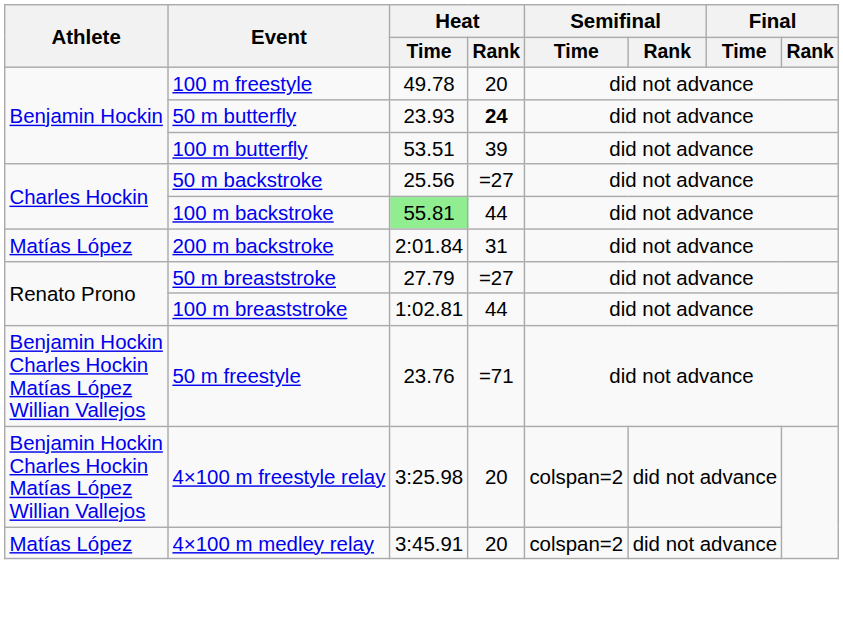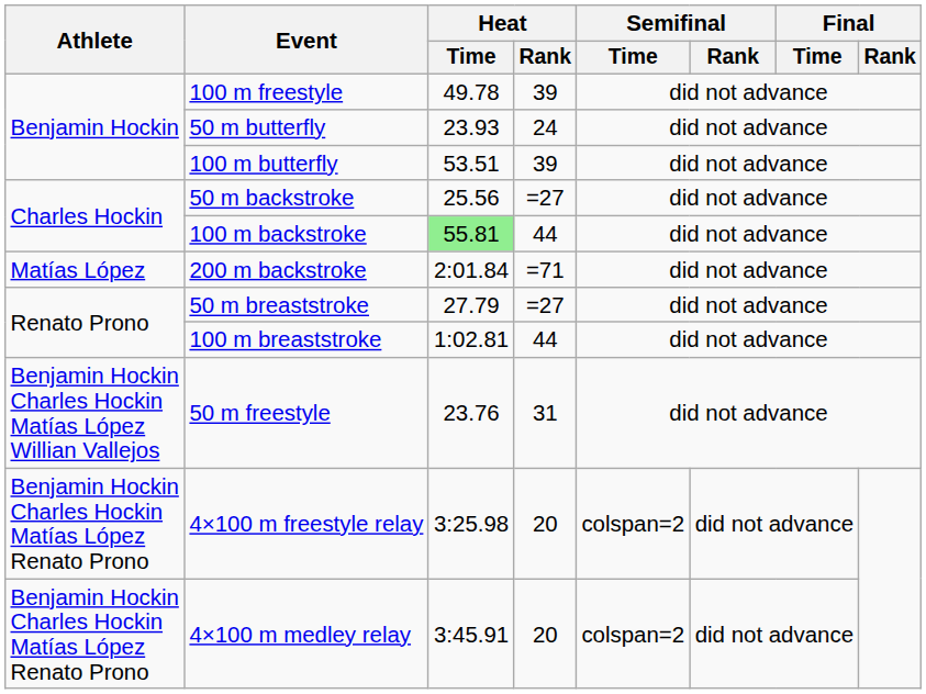 <table class=wikitable style="font-size:90%">
 <tr>
 <th rowspan="2">Athlete</th>
 <th rowspan="2">Event</th>
 <th colspan="2">Heat</th>
 <th colspan="2">Semifinal</th>
 <th colspan="2">Final</th>
 </tr>
 <tr style="font-size:95%">
 <th>Time</th>
 <th>Rank</th>
 <th>Time</th>
 <th>Rank</th>
 <th>Time</th>
 <th>Rank</th>
 </tr>
 <tr align=center>
 <td align=left rowspan=3><a href='#'>Benjamin Hockin</a></td>
 <td align=left><a href='#'>100 m freestyle</a></td>
 <td>49.78</td>
-<td>20</td>
+<td>39</td>
 <td colspan=4>did not advance</td>
 </tr>
 <tr align=center>
 <td align=left><a href='#'>50 m butterfly</a></td>
 <td>23.93</td>
-<td><strong>24</strong></td>
+<td>24</td>
 <td colspan=4>did not advance</td>
 </tr>
 <tr align=center>
 <td align=left><a href='#'>100 m butterfly</a></td>
 <td>53.51</td>
 <td>39</td>
 <td colspan=4>did not advance</td>
 </tr>
 <tr align=center>
 <td align=left rowspan=2><a href='#'>Charles Hockin</a></td>
 <td align=left><a href='#'>50 m backstroke</a></td>
 <td>25.56</td>
 <td>=27</td>
 <td colspan=4>did not advance</td>
 </tr>
 <tr align=center>
 <td align=left><a href='#'>100 m backstroke</a></td>
 <td style="background: lightgreen;">55.81</td>
 <td>44</td>
 <td colspan=4>did not advance</td>
 </tr>
 <tr align=center>
 <td align=left><a href='#'>Matías López</a></td>
 <td align=left><a href='#'>200 m backstroke</a></td>
 <td>2:01.84</td>
-<td>31</td>
+<td>=71</td>
 <td colspan=4>did not advance</td>
 </tr>
 <tr align=center>
 <td align=left rowspan=2>Renato Prono</td>
 <td align=left><a href='#'>50 m breaststroke</a></td>
 <td>27.79</td>
 <td>=27</td>
 <td colspan=4>did not advance</td>
 </tr>
 <tr align=center>
 <td align=left><a href='#'>100 m breaststroke</a></td>
 <td>1:02.81</td>
 <td>44</td>
 <td colspan=4>did not advance</td>
 </tr>
 <tr align=center>
 <td align=left><a href='#'>Benjamin Hockin</a><br><a href='#'>Charles Hockin</a><br><a href='#'>Matías López</a><br><a href='#'>Willian Vallejos</a></td>
 <td align=left><a href='#'>50 m freestyle</a></td>
 <td>23.76</td>
-<td>=71</td>
+<td>31</td>
 <td colspan=4>did not advance</td>
 </tr>
 <tr align=center>
-<td align=left><a href='#'>Benjamin Hockin</a><br><a href='#'>Charles Hockin</a><br><a href='#'>Matías López</a><br><a href='#'>Willian Vallejos</a></td>
+<td align=left><a href='#'>Benjamin Hockin</a><br><a href='#'>Charles Hockin</a><br><a href='#'>Matías López</a><br>Renato Prono</td>
 <td align=left><a href='#'>4×100 m freestyle relay</a></td>
 <td>3:25.98</td>
 <td>20</td>
 <td>colspan=2 </td>
 <td colspan=2>did not advance</td>
 </tr>
 <tr align=center>
-<td align=left><a href='#'>Matías López</a></td>
+<td align=left><a href='#'>Benjamin Hockin</a><br><a href='#'>Charles Hockin</a><br><a href='#'>Matías López</a><br>Renato Prono</td>
 <td align=left><a href='#'>4×100 m medley relay</a></td>
 <td>3:45.91</td>
 <td>20</td>
 <td>colspan=2 </td>
 <td colspan=2>did not advance</td>
 </tr>
 </table>
